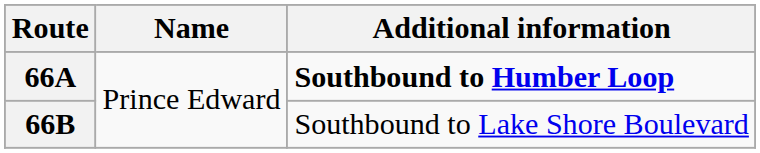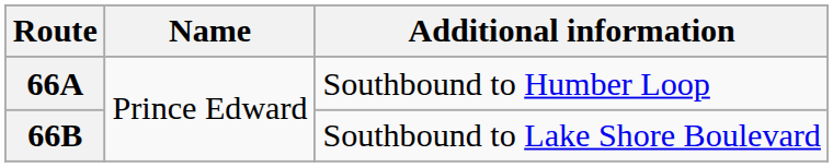 <table class="wikitable">
 <tr>
 <th>Route</th>
 <th>Name</th>
 <th>Additional information</th>
 </tr>
 <tr>
 <th>66A</th>
 <td rowspan="2">Prince Edward</td>
-<td><strong>Southbound to <a href='#'>Humber Loop</a></strong></td>
+<td>Southbound to <a href='#'>Humber Loop</a></td>
 </tr>
 <tr>
 <th>66B</th>
 <td>Southbound to <a href='#'>Lake Shore Boulevard</a></td>
 </tr>
 </table>
